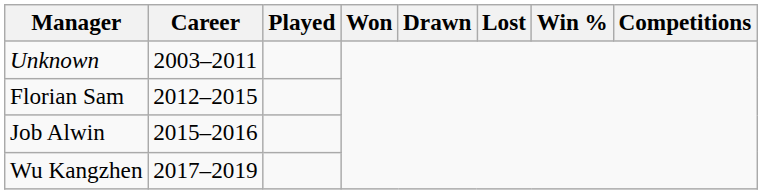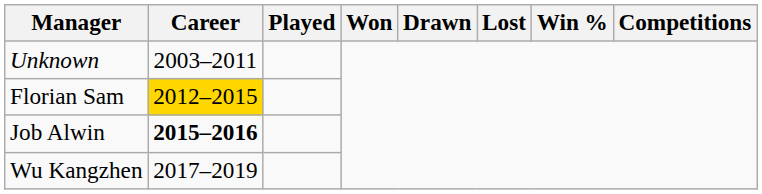 <table class="wikitable plainrowheaders sortable" style="text-align:center">
 <tr>
 <th>Manager</th>
 <th>Career</th>
 <th>Played</th>
 <th>Won</th>
 <th>Drawn</th>
 <th>Lost</th>
 <th>Win %</th>
 <th>Competitions</th>
 </tr>
 <tr>
 <td style="text-align: left;"><em>Unknown</em></td>
 <td>2003–2011<br></td>
 <td></td>
 </tr>
 <tr>
 <td style="text-align: left;"> Florian Sam</td>
-<td>2012–2015<br></td>
+<td style="background: gold;">2012–2015<br></td>
 <td></td>
 </tr>
 <tr>
 <td style="text-align: left;"> Job Alwin</td>
-<td>2015–2016<br></td>
+<td><strong>2015–2016<br></strong></td>
 <td></td>
 </tr>
 <tr>
 <td style="text-align: left;"> Wu Kangzhen</td>
 <td>2017–2019<br></td>
 <td></td>
 </tr>
 </table>
